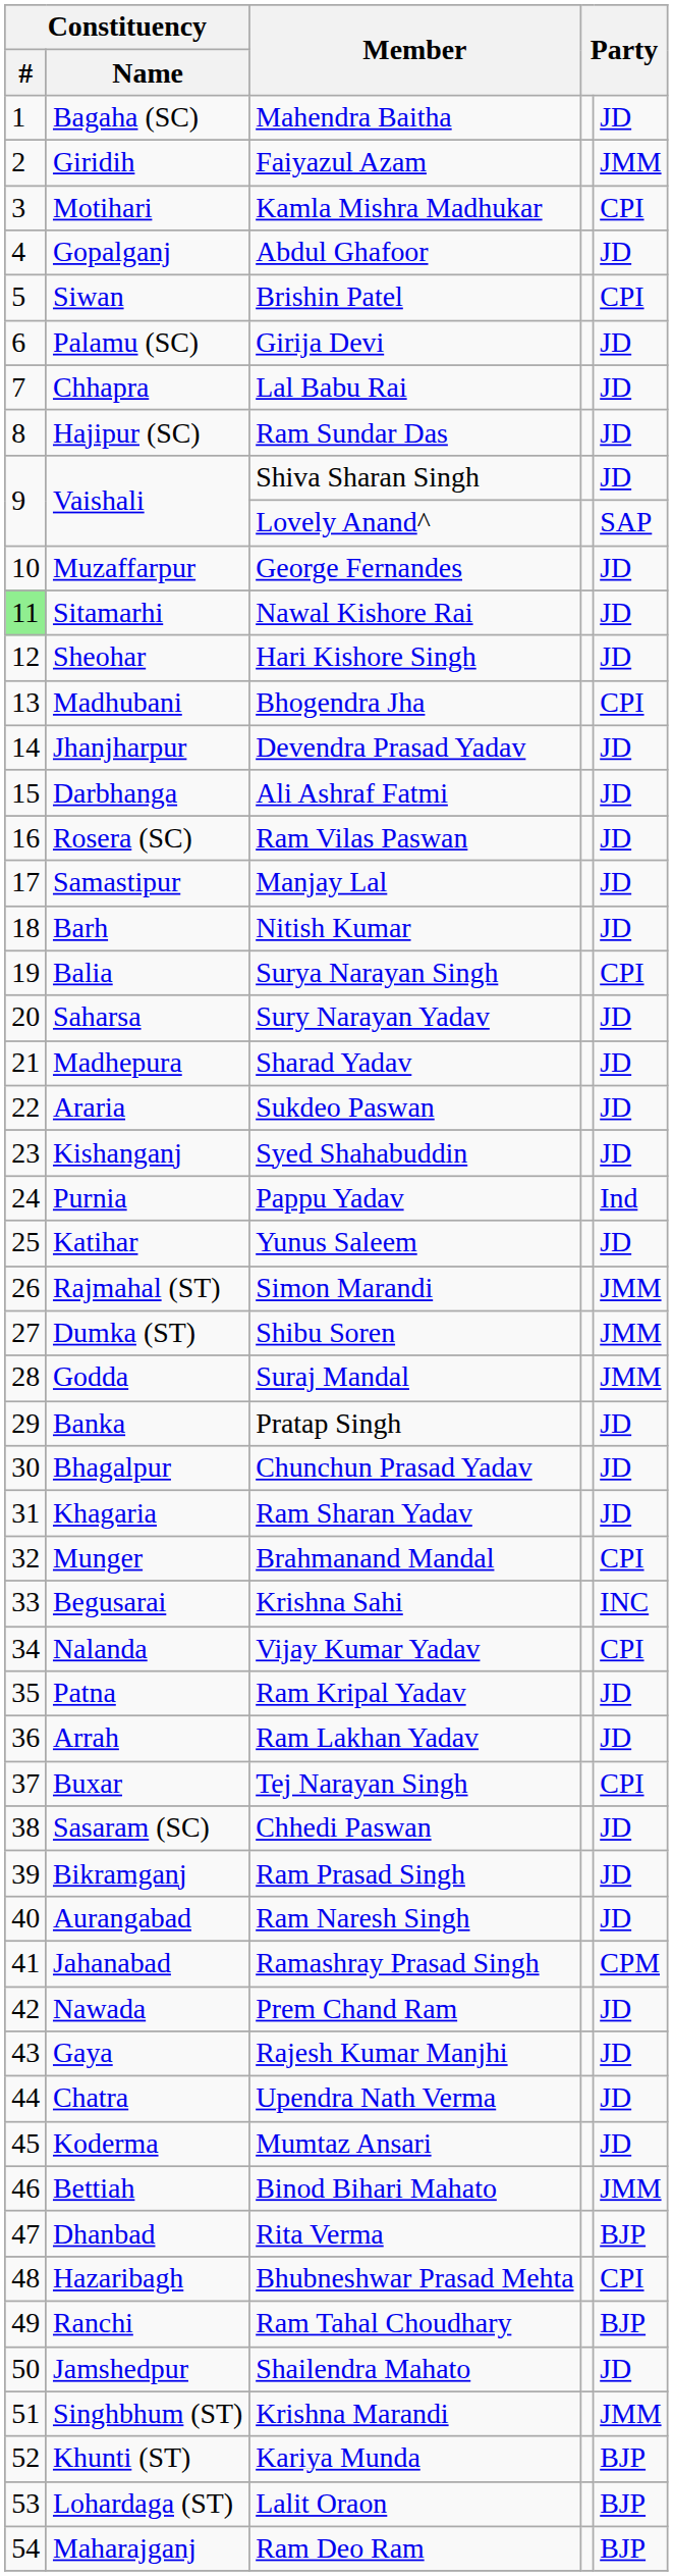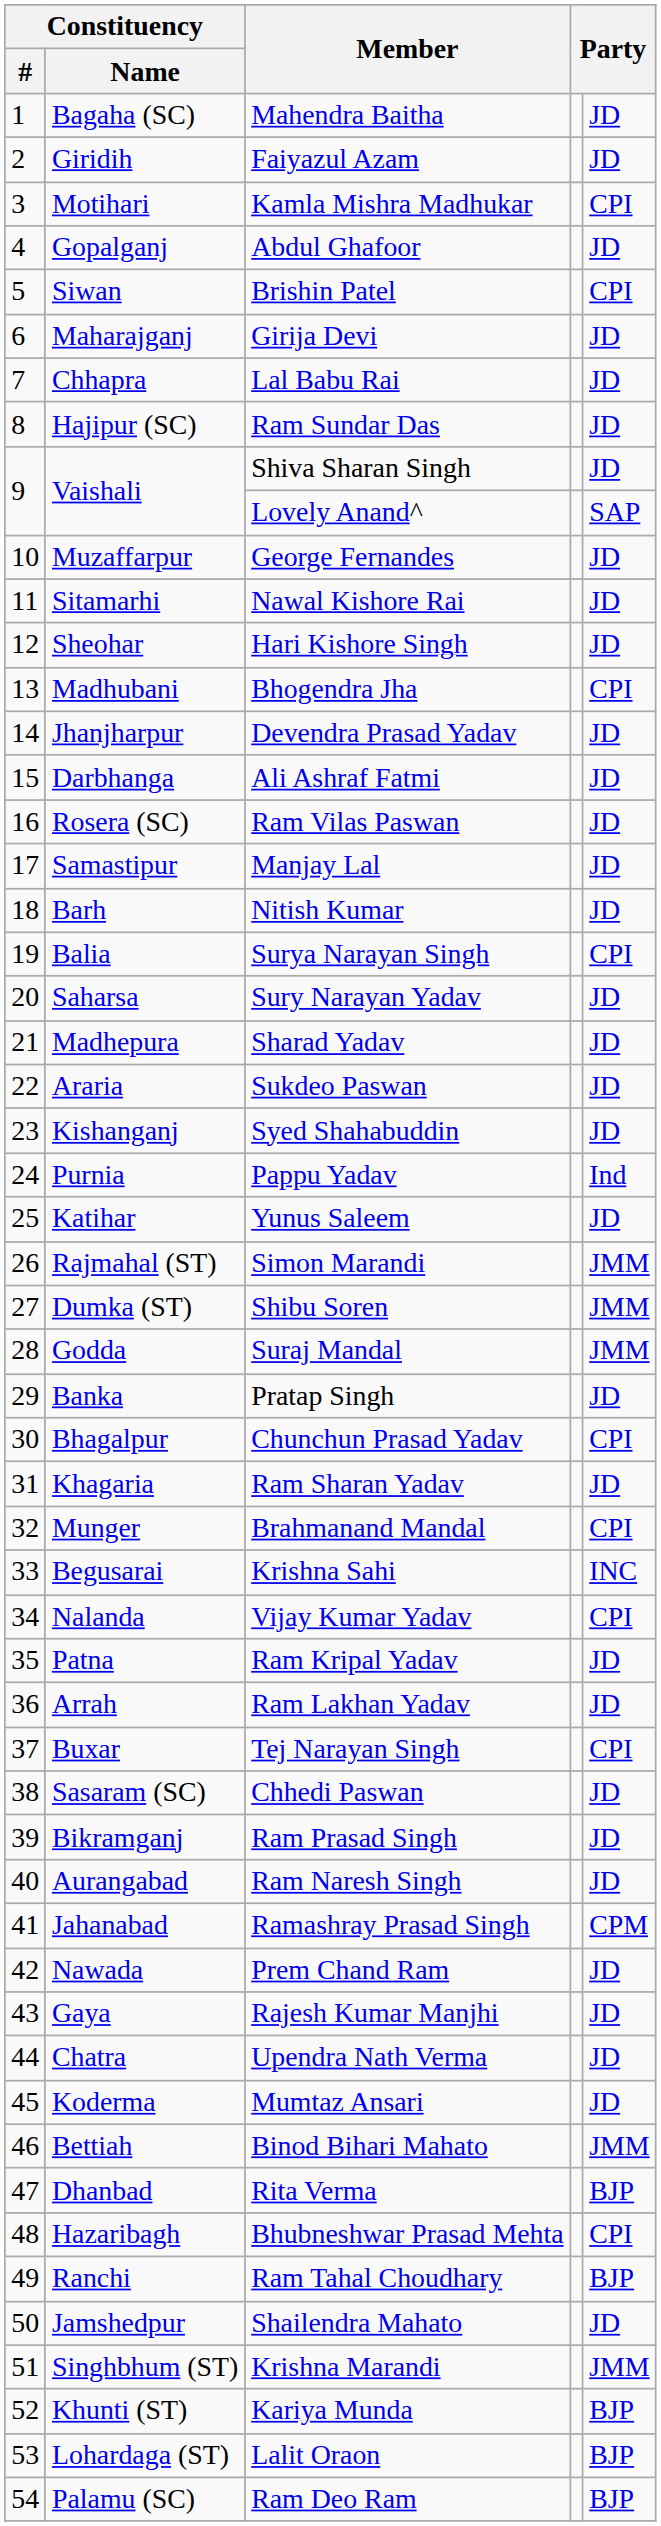 <table class="wikitable sortable">
 <tr>
 <th colspan="2">Constituency</th>
 <th rowspan="2">Member</th>
 <th colspan="2" rowspan="2">Party</th>
 </tr>
 <tr>
 <th>#</th>
 <th>Name</th>
 </tr>
 <tr>
 <td>1</td>
 <td><a href='#'>Bagaha</a> (SC)</td>
 <td><a href='#'>Mahendra Baitha</a></td>
 <td style="background-color: "></td>
 <td><a href='#'>JD</a></td>
 </tr>
 <tr>
 <td>2</td>
 <td><a href='#'>Giridih</a></td>
 <td><a href='#'>Faiyazul Azam</a></td>
 <td style="background-color: "></td>
-<td><a href='#'>JMM</a></td>
+<td><a href='#'>JD</a></td>
 </tr>
 <tr>
 <td>3</td>
 <td><a href='#'>Motihari</a></td>
 <td><a href='#'>Kamla Mishra Madhukar</a></td>
 <td style="background-color: "></td>
 <td><a href='#'>CPI</a></td>
 </tr>
 <tr>
 <td>4</td>
 <td><a href='#'>Gopalganj</a></td>
 <td><a href='#'>Abdul Ghafoor</a></td>
 <td style="background-color: "></td>
 <td><a href='#'>JD</a></td>
 </tr>
 <tr>
 <td>5</td>
 <td><a href='#'>Siwan</a></td>
 <td><a href='#'>Brishin Patel</a></td>
 <td style="background-color: "></td>
 <td><a href='#'>CPI</a></td>
 </tr>
 <tr>
 <td>6</td>
-<td><a href='#'>Palamu</a> (SC)</td>
+<td><a href='#'>Maharajganj</a></td>
 <td><a href='#'>Girija Devi</a></td>
 <td style="background-color: "></td>
 <td><a href='#'>JD</a></td>
 </tr>
 <tr>
 <td>7</td>
 <td><a href='#'>Chhapra</a></td>
 <td><a href='#'>Lal Babu Rai</a></td>
 <td style="background-color: "></td>
 <td><a href='#'>JD</a></td>
 </tr>
 <tr>
 <td>8</td>
 <td><a href='#'>Hajipur</a> (SC)</td>
 <td><a href='#'>Ram Sundar Das</a></td>
 <td style="background-color: "></td>
 <td><a href='#'>JD</a></td>
 </tr>
 <tr>
 <td rowspan="2">9</td>
 <td rowspan="2"><a href='#'>Vaishali</a></td>
 <td>Shiva Sharan Singh</td>
 <td style="background-color: "></td>
 <td><a href='#'>JD</a></td>
 </tr>
 <tr>
 <td><a href='#'>Lovely Anand</a>^</td>
 <td style="background-color: "></td>
 <td><a href='#'>SAP</a></td>
 </tr>
 <tr>
 <td>10</td>
 <td><a href='#'>Muzaffarpur</a></td>
 <td><a href='#'>George Fernandes</a></td>
 <td style="background-color: "></td>
 <td><a href='#'>JD</a></td>
 </tr>
 <tr>
-<td style="background: lightgreen;">11</td>
+<td>11</td>
 <td><a href='#'>Sitamarhi</a></td>
 <td><a href='#'>Nawal Kishore Rai</a></td>
 <td style="background-color: "></td>
 <td><a href='#'>JD</a></td>
 </tr>
 <tr>
 <td>12</td>
 <td><a href='#'>Sheohar</a></td>
 <td><a href='#'>Hari Kishore Singh</a></td>
 <td style="background-color: "></td>
 <td><a href='#'>JD</a></td>
 </tr>
 <tr>
 <td>13</td>
 <td><a href='#'>Madhubani</a></td>
 <td><a href='#'>Bhogendra Jha</a></td>
 <td style="background-color: "></td>
 <td><a href='#'>CPI</a></td>
 </tr>
 <tr>
 <td>14</td>
 <td><a href='#'>Jhanjharpur</a></td>
 <td><a href='#'>Devendra Prasad Yadav</a></td>
 <td style="background-color: "></td>
 <td><a href='#'>JD</a></td>
 </tr>
 <tr>
 <td>15</td>
 <td><a href='#'>Darbhanga</a></td>
 <td><a href='#'>Ali Ashraf Fatmi</a></td>
 <td style="background-color: "></td>
 <td><a href='#'>JD</a></td>
 </tr>
 <tr>
 <td>16</td>
 <td><a href='#'>Rosera</a> (SC)</td>
 <td><a href='#'>Ram Vilas Paswan</a></td>
 <td style="background-color: "></td>
 <td><a href='#'>JD</a></td>
 </tr>
 <tr>
 <td>17</td>
 <td><a href='#'>Samastipur</a></td>
 <td><a href='#'>Manjay Lal</a></td>
 <td style="background-color: "></td>
 <td><a href='#'>JD</a></td>
 </tr>
 <tr>
 <td>18</td>
 <td><a href='#'>Barh</a></td>
 <td><a href='#'>Nitish Kumar</a></td>
 <td style="background-color: "></td>
 <td><a href='#'>JD</a></td>
 </tr>
 <tr>
 <td>19</td>
 <td><a href='#'>Balia</a></td>
 <td><a href='#'>Surya Narayan Singh</a></td>
 <td style="background-color: "></td>
 <td><a href='#'>CPI</a></td>
 </tr>
 <tr>
 <td>20</td>
 <td><a href='#'>Saharsa</a></td>
 <td><a href='#'>Sury Narayan Yadav</a></td>
 <td style="background-color: "></td>
 <td><a href='#'>JD</a></td>
 </tr>
 <tr>
 <td>21</td>
 <td><a href='#'>Madhepura</a></td>
 <td><a href='#'>Sharad Yadav</a></td>
 <td style="background-color: "></td>
 <td><a href='#'>JD</a></td>
 </tr>
 <tr>
 <td>22</td>
 <td><a href='#'>Araria</a></td>
 <td><a href='#'>Sukdeo Paswan</a></td>
 <td style="background-color: "></td>
 <td><a href='#'>JD</a></td>
 </tr>
 <tr>
 <td>23</td>
 <td><a href='#'>Kishanganj</a></td>
 <td><a href='#'>Syed Shahabuddin</a></td>
 <td style="background-color: "></td>
 <td><a href='#'>JD</a></td>
 </tr>
 <tr>
 <td>24</td>
 <td><a href='#'>Purnia</a></td>
 <td><a href='#'>Pappu Yadav</a></td>
 <td style="background-color: "></td>
 <td><a href='#'>Ind</a></td>
 </tr>
 <tr>
 <td>25</td>
 <td><a href='#'>Katihar</a></td>
 <td><a href='#'>Yunus Saleem</a></td>
 <td style="background-color: "></td>
 <td><a href='#'>JD</a></td>
 </tr>
 <tr>
 <td>26</td>
 <td><a href='#'>Rajmahal</a> (ST)</td>
 <td><a href='#'>Simon Marandi</a></td>
 <td style="background-color: "></td>
 <td><a href='#'>JMM</a></td>
 </tr>
 <tr>
 <td>27</td>
 <td><a href='#'>Dumka</a> (ST)</td>
 <td><a href='#'>Shibu Soren</a></td>
 <td style="background-color: "></td>
 <td><a href='#'>JMM</a></td>
 </tr>
 <tr>
 <td>28</td>
 <td><a href='#'>Godda</a></td>
 <td><a href='#'>Suraj Mandal</a></td>
 <td style="background-color: "></td>
 <td><a href='#'>JMM</a></td>
 </tr>
 <tr>
 <td>29</td>
 <td><a href='#'>Banka</a></td>
 <td>Pratap Singh</td>
 <td style="background-color: "></td>
 <td><a href='#'>JD</a></td>
 </tr>
 <tr>
 <td>30</td>
 <td><a href='#'>Bhagalpur</a></td>
 <td><a href='#'>Chunchun Prasad Yadav</a></td>
 <td style="background-color: "></td>
-<td><a href='#'>JD</a></td>
+<td><a href='#'>CPI</a></td>
 </tr>
 <tr>
 <td>31</td>
 <td><a href='#'>Khagaria</a></td>
 <td><a href='#'>Ram Sharan Yadav</a></td>
 <td style="background-color: "></td>
 <td><a href='#'>JD</a></td>
 </tr>
 <tr>
 <td>32</td>
 <td><a href='#'>Munger</a></td>
 <td><a href='#'>Brahmanand Mandal</a></td>
 <td style="background-color: "></td>
 <td><a href='#'>CPI</a></td>
 </tr>
 <tr>
 <td>33</td>
 <td><a href='#'>Begusarai</a></td>
 <td><a href='#'>Krishna Sahi</a></td>
 <td style="background-color: "></td>
 <td><a href='#'>INC</a></td>
 </tr>
 <tr>
 <td>34</td>
 <td><a href='#'>Nalanda</a></td>
 <td><a href='#'>Vijay Kumar Yadav</a></td>
 <td style="background-color: "></td>
 <td><a href='#'>CPI</a></td>
 </tr>
 <tr>
 <td>35</td>
 <td><a href='#'>Patna</a></td>
 <td><a href='#'>Ram Kripal Yadav</a></td>
 <td style="background-color: "></td>
 <td><a href='#'>JD</a></td>
 </tr>
 <tr>
 <td>36</td>
 <td><a href='#'>Arrah</a></td>
 <td><a href='#'>Ram Lakhan Yadav</a></td>
 <td style="background-color: "></td>
 <td><a href='#'>JD</a></td>
 </tr>
 <tr>
 <td>37</td>
 <td><a href='#'>Buxar</a></td>
 <td><a href='#'>Tej Narayan Singh</a></td>
 <td style="background-color: "></td>
 <td><a href='#'>CPI</a></td>
 </tr>
 <tr>
 <td>38</td>
 <td><a href='#'>Sasaram</a> (SC)</td>
 <td><a href='#'>Chhedi Paswan</a></td>
 <td style="background-color: "></td>
 <td><a href='#'>JD</a></td>
 </tr>
 <tr>
 <td>39</td>
 <td><a href='#'>Bikramganj</a></td>
 <td><a href='#'>Ram Prasad Singh</a></td>
 <td style="background-color: "></td>
 <td><a href='#'>JD</a></td>
 </tr>
 <tr>
 <td>40</td>
 <td><a href='#'>Aurangabad</a></td>
 <td><a href='#'>Ram Naresh Singh</a></td>
 <td style="background-color: "></td>
 <td><a href='#'>JD</a></td>
 </tr>
 <tr>
 <td>41</td>
 <td><a href='#'>Jahanabad</a></td>
 <td><a href='#'>Ramashray Prasad Singh</a></td>
 <td style="background-color: "></td>
 <td><a href='#'>CPM</a></td>
 </tr>
 <tr>
 <td>42</td>
 <td><a href='#'>Nawada</a></td>
 <td><a href='#'>Prem Chand Ram</a></td>
 <td style="background-color: "></td>
 <td><a href='#'>JD</a></td>
 </tr>
 <tr>
 <td>43</td>
 <td><a href='#'>Gaya</a></td>
 <td><a href='#'>Rajesh Kumar Manjhi</a></td>
 <td style="background-color: "></td>
 <td><a href='#'>JD</a></td>
 </tr>
 <tr>
 <td>44</td>
 <td><a href='#'>Chatra</a></td>
 <td><a href='#'>Upendra Nath Verma</a></td>
 <td style="background-color: "></td>
 <td><a href='#'>JD</a></td>
 </tr>
 <tr>
 <td>45</td>
 <td><a href='#'>Koderma</a></td>
 <td><a href='#'>Mumtaz Ansari</a></td>
 <td style="background-color: "></td>
 <td><a href='#'>JD</a></td>
 </tr>
 <tr>
 <td>46</td>
 <td><a href='#'>Bettiah</a></td>
 <td><a href='#'>Binod Bihari Mahato</a></td>
 <td style="background-color: "></td>
 <td><a href='#'>JMM</a></td>
 </tr>
 <tr>
 <td>47</td>
 <td><a href='#'>Dhanbad</a></td>
 <td><a href='#'>Rita Verma</a></td>
 <td style="background-color: "></td>
 <td><a href='#'>BJP</a></td>
 </tr>
 <tr>
 <td>48</td>
 <td><a href='#'>Hazaribagh</a></td>
 <td><a href='#'>Bhubneshwar Prasad Mehta</a></td>
 <td style="background-color: "></td>
 <td><a href='#'>CPI</a></td>
 </tr>
 <tr>
 <td>49</td>
 <td><a href='#'>Ranchi</a></td>
 <td><a href='#'>Ram Tahal Choudhary</a></td>
 <td style="background-color: "></td>
 <td><a href='#'>BJP</a></td>
 </tr>
 <tr>
 <td>50</td>
 <td><a href='#'>Jamshedpur</a></td>
 <td><a href='#'>Shailendra Mahato</a></td>
 <td style="background-color: "></td>
 <td><a href='#'>JD</a></td>
 </tr>
 <tr>
 <td>51</td>
 <td><a href='#'>Singhbhum</a> (ST)</td>
 <td><a href='#'>Krishna Marandi</a></td>
 <td style="background-color: "></td>
 <td><a href='#'>JMM</a></td>
 </tr>
 <tr>
 <td>52</td>
 <td><a href='#'>Khunti</a> (ST)</td>
 <td><a href='#'>Kariya Munda</a></td>
 <td style="background-color: "></td>
 <td><a href='#'>BJP</a></td>
 </tr>
 <tr>
 <td>53</td>
 <td><a href='#'>Lohardaga</a> (ST)</td>
 <td><a href='#'>Lalit Oraon</a></td>
 <td style="background-color: "></td>
 <td><a href='#'>BJP</a></td>
 </tr>
 <tr>
 <td>54</td>
-<td><a href='#'>Maharajganj</a></td>
+<td><a href='#'>Palamu</a> (SC)</td>
 <td><a href='#'>Ram Deo Ram</a></td>
 <td style="background-color: "></td>
 <td><a href='#'>BJP</a></td>
 </tr>
 </table>
